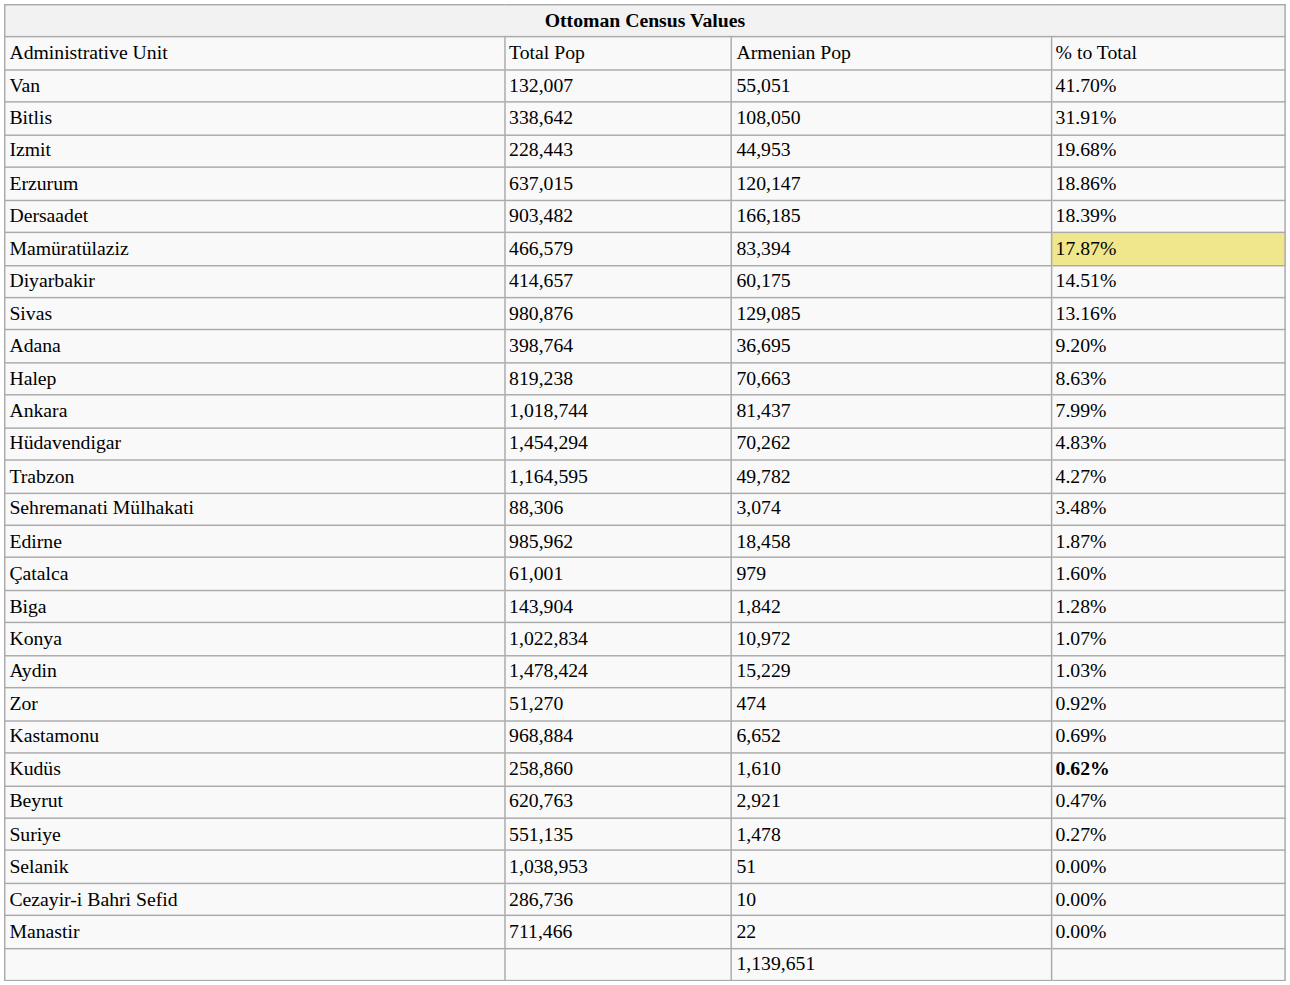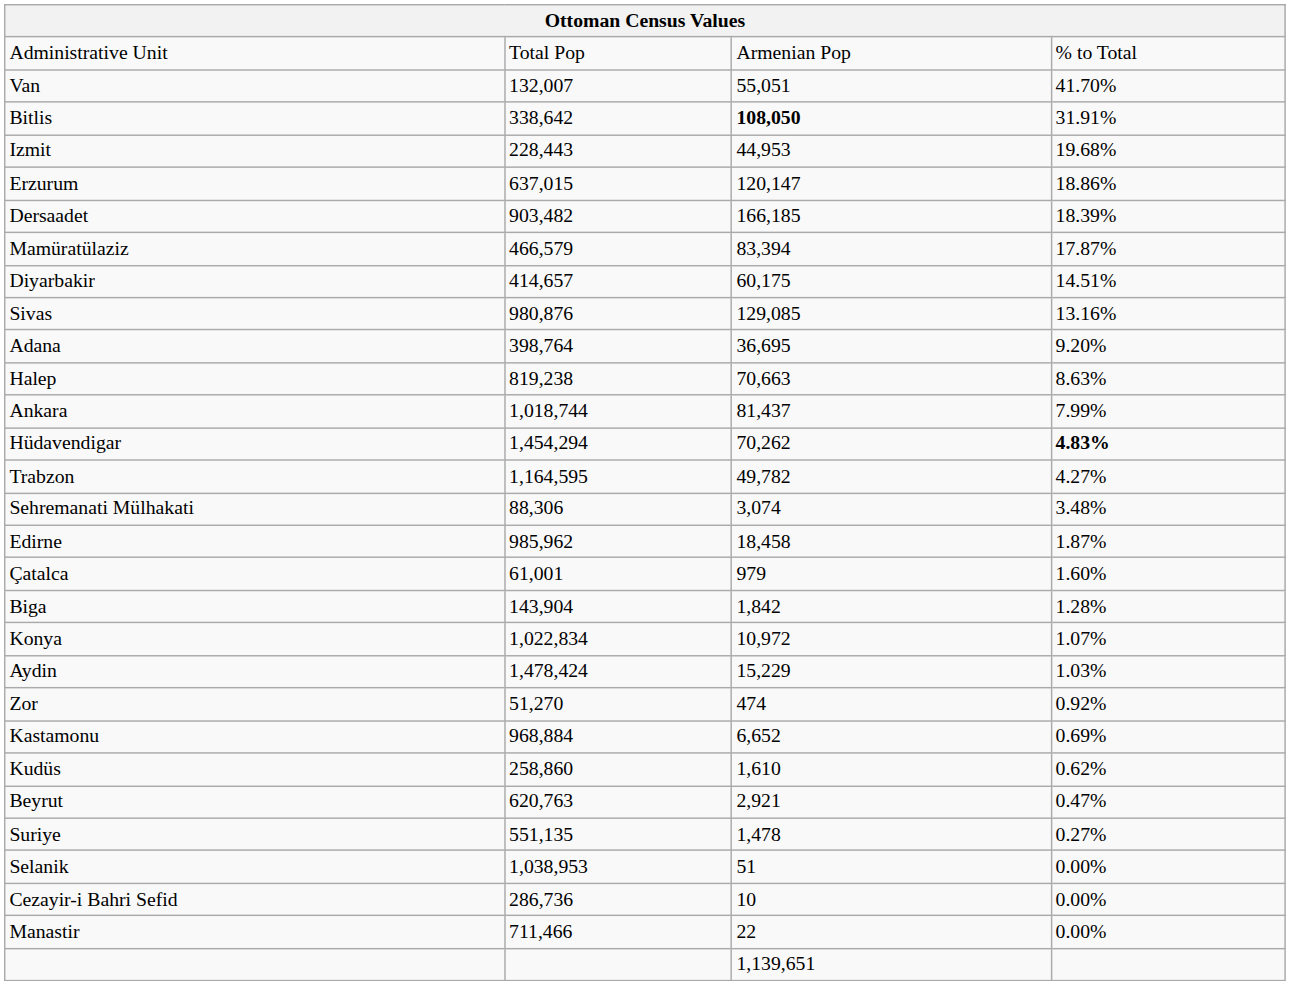 <table class="wikitable collapsible collapsed" style="font-size:85%;width:100%;">
 <tr>
 <th colspan=4>Ottoman Census Values</th>
 </tr>
 <tr>
 <td>Administrative Unit</td>
 <td>Total	Pop</td>
 <td>Armenian Pop</td>
 <td>% to Total</td>
 </tr>
 <tr>
 <td>Van</td>
 <td>132,007</td>
 <td>55,051</td>
 <td>41.70%</td>
 </tr>
 <tr>
 <td>Bitlis</td>
 <td>338,642</td>
-<td>108,050</td>
+<td><strong>108,050</strong></td>
 <td>31.91%</td>
 </tr>
 <tr>
 <td>Izmit</td>
 <td>228,443</td>
 <td>44,953</td>
 <td>19.68%</td>
 </tr>
 <tr>
 <td>Erzurum</td>
 <td>637,015</td>
 <td>120,147</td>
 <td>18.86%</td>
 </tr>
 <tr>
 <td>Dersaadet</td>
 <td>903,482</td>
 <td>166,185</td>
 <td>18.39%</td>
 </tr>
 <tr>
 <td>Mamüratülaziz</td>
 <td>466,579</td>
 <td>83,394</td>
-<td style="background: khaki;">17.87%</td>
+<td>17.87%</td>
 </tr>
 <tr>
 <td>Diyarbakir</td>
 <td>414,657</td>
 <td>60,175</td>
 <td>14.51%</td>
 </tr>
 <tr>
 <td>Sivas</td>
 <td>980,876</td>
 <td>129,085</td>
 <td>13.16%</td>
 </tr>
 <tr>
 <td>Adana</td>
 <td>398,764</td>
 <td>36,695</td>
 <td>9.20%</td>
 </tr>
 <tr>
 <td>Halep</td>
 <td>819,238</td>
 <td>70,663</td>
 <td>8.63%</td>
 </tr>
 <tr>
 <td>Ankara</td>
 <td>1,018,744</td>
 <td>81,437</td>
 <td>7.99%</td>
 </tr>
 <tr>
 <td>Hüdavendigar</td>
 <td>1,454,294</td>
 <td>70,262</td>
-<td>4.83%</td>
+<td><strong>4.83%</strong></td>
 </tr>
 <tr>
 <td>Trabzon</td>
 <td>1,164,595</td>
 <td>49,782</td>
 <td>4.27%</td>
 </tr>
 <tr>
 <td>Sehremanati Mülhakati</td>
 <td>88,306</td>
 <td>3,074</td>
 <td>3.48%</td>
 </tr>
 <tr>
 <td>Edirne</td>
 <td>985,962</td>
 <td>18,458</td>
 <td>1.87%</td>
 </tr>
 <tr>
 <td>Çatalca</td>
 <td>61,001</td>
 <td>979</td>
 <td>1.60%</td>
 </tr>
 <tr>
 <td>Biga</td>
 <td>143,904</td>
 <td>1,842</td>
 <td>1.28%</td>
 </tr>
 <tr>
 <td>Konya</td>
 <td>1,022,834</td>
 <td>10,972</td>
 <td>1.07%</td>
 </tr>
 <tr>
 <td>Aydin</td>
 <td>1,478,424</td>
 <td>15,229</td>
 <td>1.03%</td>
 </tr>
 <tr>
 <td>Zor</td>
 <td>51,270</td>
 <td>474</td>
 <td>0.92%</td>
 </tr>
 <tr>
 <td>Kastamonu</td>
 <td>968,884</td>
 <td>6,652</td>
 <td>0.69%</td>
 </tr>
 <tr>
 <td>Kudüs</td>
 <td>258,860</td>
 <td>1,610</td>
-<td><strong>0.62%</strong></td>
+<td>0.62%</td>
 </tr>
 <tr>
 <td>Beyrut</td>
 <td>620,763</td>
 <td>2,921</td>
 <td>0.47%</td>
 </tr>
 <tr>
 <td>Suriye</td>
 <td>551,135</td>
 <td>1,478</td>
 <td>0.27%</td>
 </tr>
 <tr>
 <td>Selanik</td>
 <td>1,038,953</td>
 <td>51</td>
 <td>0.00%</td>
 </tr>
 <tr>
 <td>Cezayir-i Bahri Sefid</td>
 <td>286,736</td>
 <td>10</td>
 <td>0.00%</td>
 </tr>
 <tr>
 <td>Manastir</td>
 <td>711,466</td>
 <td>22</td>
 <td>0.00%</td>
 </tr>
 <tr>
 <td></td>
 <td></td>
 <td>1,139,651</td>
 <td></td>
 </tr>
 </table>
